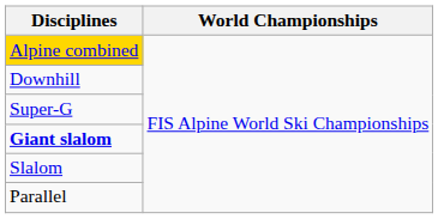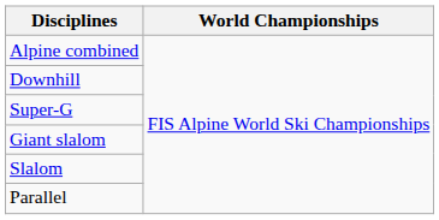 <table class="wikitable" style="display:inline-table;">
 <tr>
 <th>Disciplines</th>
 <th>World Championships</th>
 </tr>
 <tr>
-<td style="background: gold;"><a href='#'>Alpine combined</a></td>
+<td><a href='#'>Alpine combined</a></td>
 <td rowspan="6"><a href='#'>FIS Alpine World Ski Championships</a></td>
 </tr>
 <tr>
 <td><a href='#'>Downhill</a></td>
 </tr>
 <tr>
 <td><a href='#'>Super-G</a></td>
 </tr>
 <tr>
-<td><strong><a href='#'>Giant slalom</a></strong></td>
+<td><a href='#'>Giant slalom</a></td>
 </tr>
 <tr>
 <td><a href='#'>Slalom</a></td>
 </tr>
 <tr>
 <td>Parallel</td>
 </tr>
 </table>
